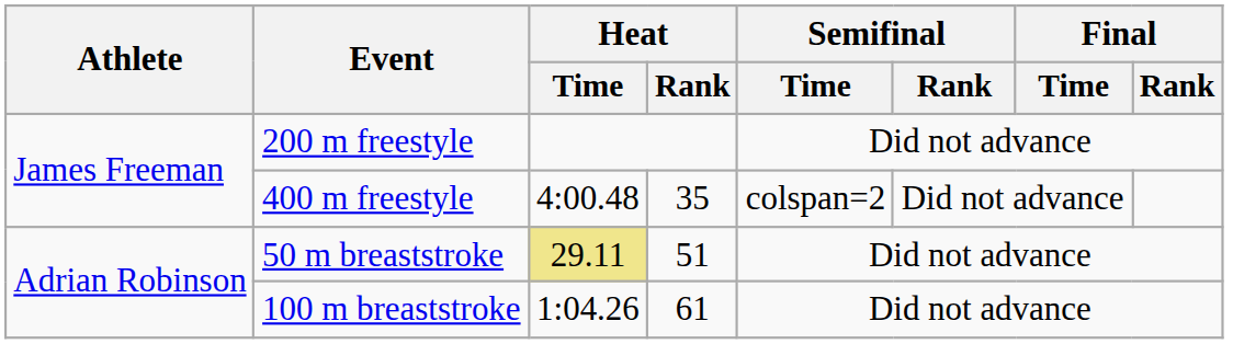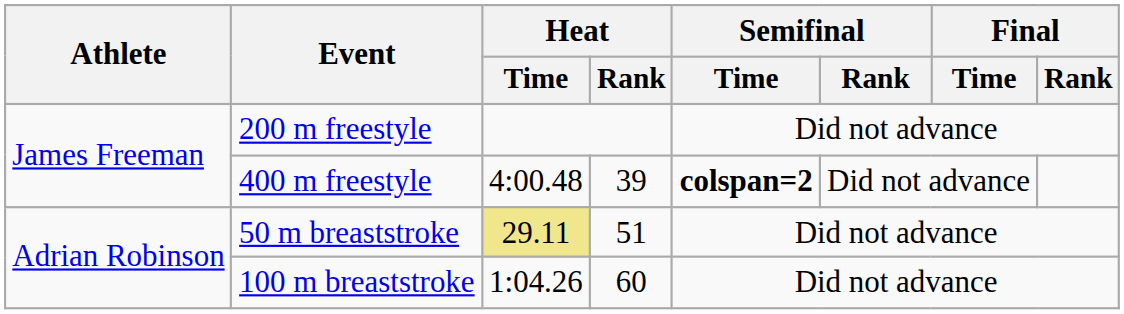 <table class="wikitable" style="text-align:center; font-size:90%">
 <tr>
 <th rowspan="2">Athlete</th>
 <th rowspan="2">Event</th>
 <th colspan="2">Heat</th>
 <th colspan="2">Semifinal</th>
 <th colspan="2">Final</th>
 </tr>
 <tr style="font-size:95%">
 <th>Time</th>
 <th>Rank</th>
 <th>Time</th>
 <th>Rank</th>
 <th>Time</th>
 <th>Rank</th>
 </tr>
 <tr>
 <td align=left rowspan=2><a href='#'>James Freeman</a></td>
 <td align=left><a href='#'>200 m freestyle</a></td>
 <td colspan=2></td>
 <td colspan=4>Did not advance</td>
 </tr>
 <tr>
 <td align=left><a href='#'>400 m freestyle</a></td>
 <td>4:00.48</td>
-<td>35</td>
-<td>colspan=2</td>
+<td>39</td>
+<td><strong>colspan=2</strong></td>
 <td colspan=2>Did not advance</td>
 </tr>
 <tr>
 <td align=left rowspan=2><a href='#'>Adrian Robinson</a></td>
 <td align=left><a href='#'>50 m breaststroke</a></td>
 <td style="background: khaki;">29.11</td>
 <td>51</td>
 <td colspan=4>Did not advance</td>
 </tr>
 <tr>
 <td align=left><a href='#'>100 m breaststroke</a></td>
 <td>1:04.26</td>
-<td>61</td>
+<td>60</td>
 <td colspan=4>Did not advance</td>
 </tr>
 </table>
